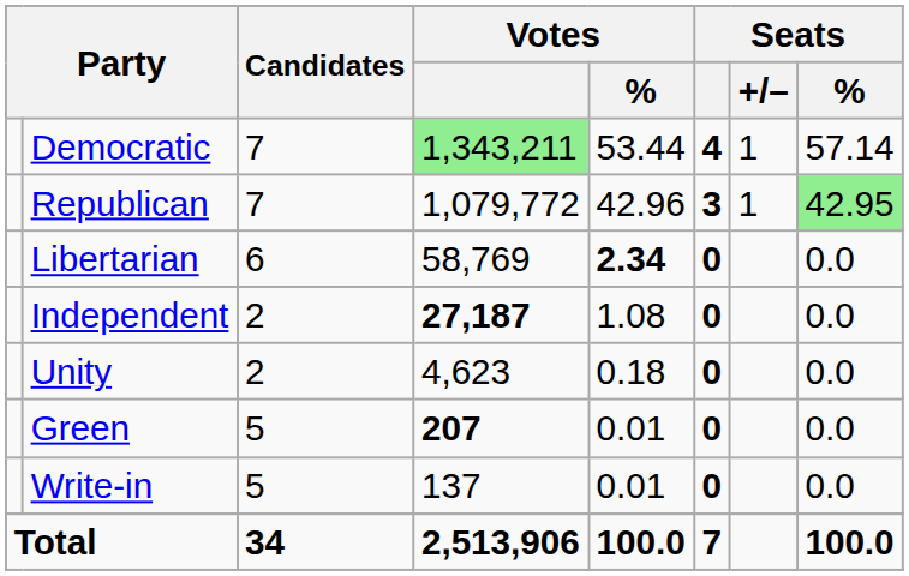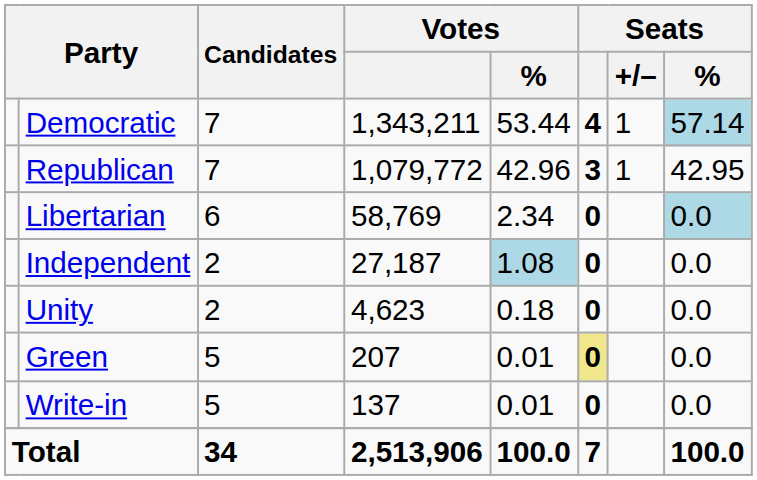 <table class="wikitable" style="font-size: 95%;">
 <tr>
 <th colspan="2" rowspan="2">Party</th>
 <th rowspan="2"><small>Candi</small><small>dates</small></th>
 <th colspan="2">Votes</th>
 <th colspan="3">Seats</th>
 </tr>
 <tr>
 <th></th>
 <th>%</th>
 <th></th>
 <th>+/–</th>
 <th>%</th>
 </tr>
 <tr>
 <td style="background:"></td>
 <td align="left"><a href='#'>Democratic</a></td>
 <td>7</td>
-<td style="background: lightgreen;">1,343,211</td>
+<td>1,343,211</td>
 <td>53.44</td>
 <td><strong>4</strong></td>
 <td>1</td>
-<td>57.14</td>
+<td style="background: lightblue;">57.14</td>
 </tr>
 <tr>
 <td style="background:"></td>
 <td align="left"><a href='#'>Republican</a></td>
 <td>7</td>
 <td>1,079,772</td>
 <td>42.96</td>
 <td><strong>3</strong></td>
 <td>1</td>
-<td style="background: lightgreen;">42.95</td>
+<td>42.95</td>
 </tr>
 <tr>
 <td style="background:"></td>
 <td align="left"><a href='#'>Libertarian</a></td>
 <td>6</td>
 <td>58,769</td>
-<td><strong>2.34</strong></td>
+<td>2.34</td>
 <td><strong>0</strong></td>
 <td></td>
-<td>0.0</td>
+<td style="background: lightblue;">0.0</td>
 </tr>
 <tr>
 <td style="background:"></td>
 <td align="left"><a href='#'>Independent</a></td>
 <td>2</td>
-<td><strong>27,187</strong></td>
-<td>1.08</td>
+<td>27,187</td>
+<td style="background: lightblue;">1.08</td>
 <td><strong>0</strong></td>
 <td></td>
 <td>0.0</td>
 </tr>
 <tr>
 <td style="background:"></td>
 <td align="left"><a href='#'>Unity</a></td>
 <td>2</td>
 <td>4,623</td>
 <td>0.18</td>
 <td><strong>0</strong></td>
 <td></td>
 <td>0.0</td>
 </tr>
 <tr>
 <td style="background:"></td>
 <td align="left"><a href='#'>Green</a></td>
 <td>5</td>
-<td><strong>207</strong></td>
+<td>207</td>
 <td>0.01</td>
-<td><strong>0</strong></td>
+<td style="background: khaki;"><strong>0</strong></td>
 <td></td>
 <td>0.0</td>
 </tr>
 <tr>
 <td style="background:"></td>
 <td align="left"><a href='#'>Write-in</a></td>
 <td>5</td>
 <td>137</td>
 <td>0.01</td>
 <td><strong>0</strong></td>
 <td></td>
 <td>0.0</td>
 </tr>
 <tr>
 </tr>
 <tr style="font-weight:bold">
 <td colspan="2" align="left">Total</td>
 <td>34</td>
 <td>2,513,906</td>
 <td>100.0</td>
 <td>7</td>
 <td></td>
 <td>100.0</td>
 </tr>
 </table>
